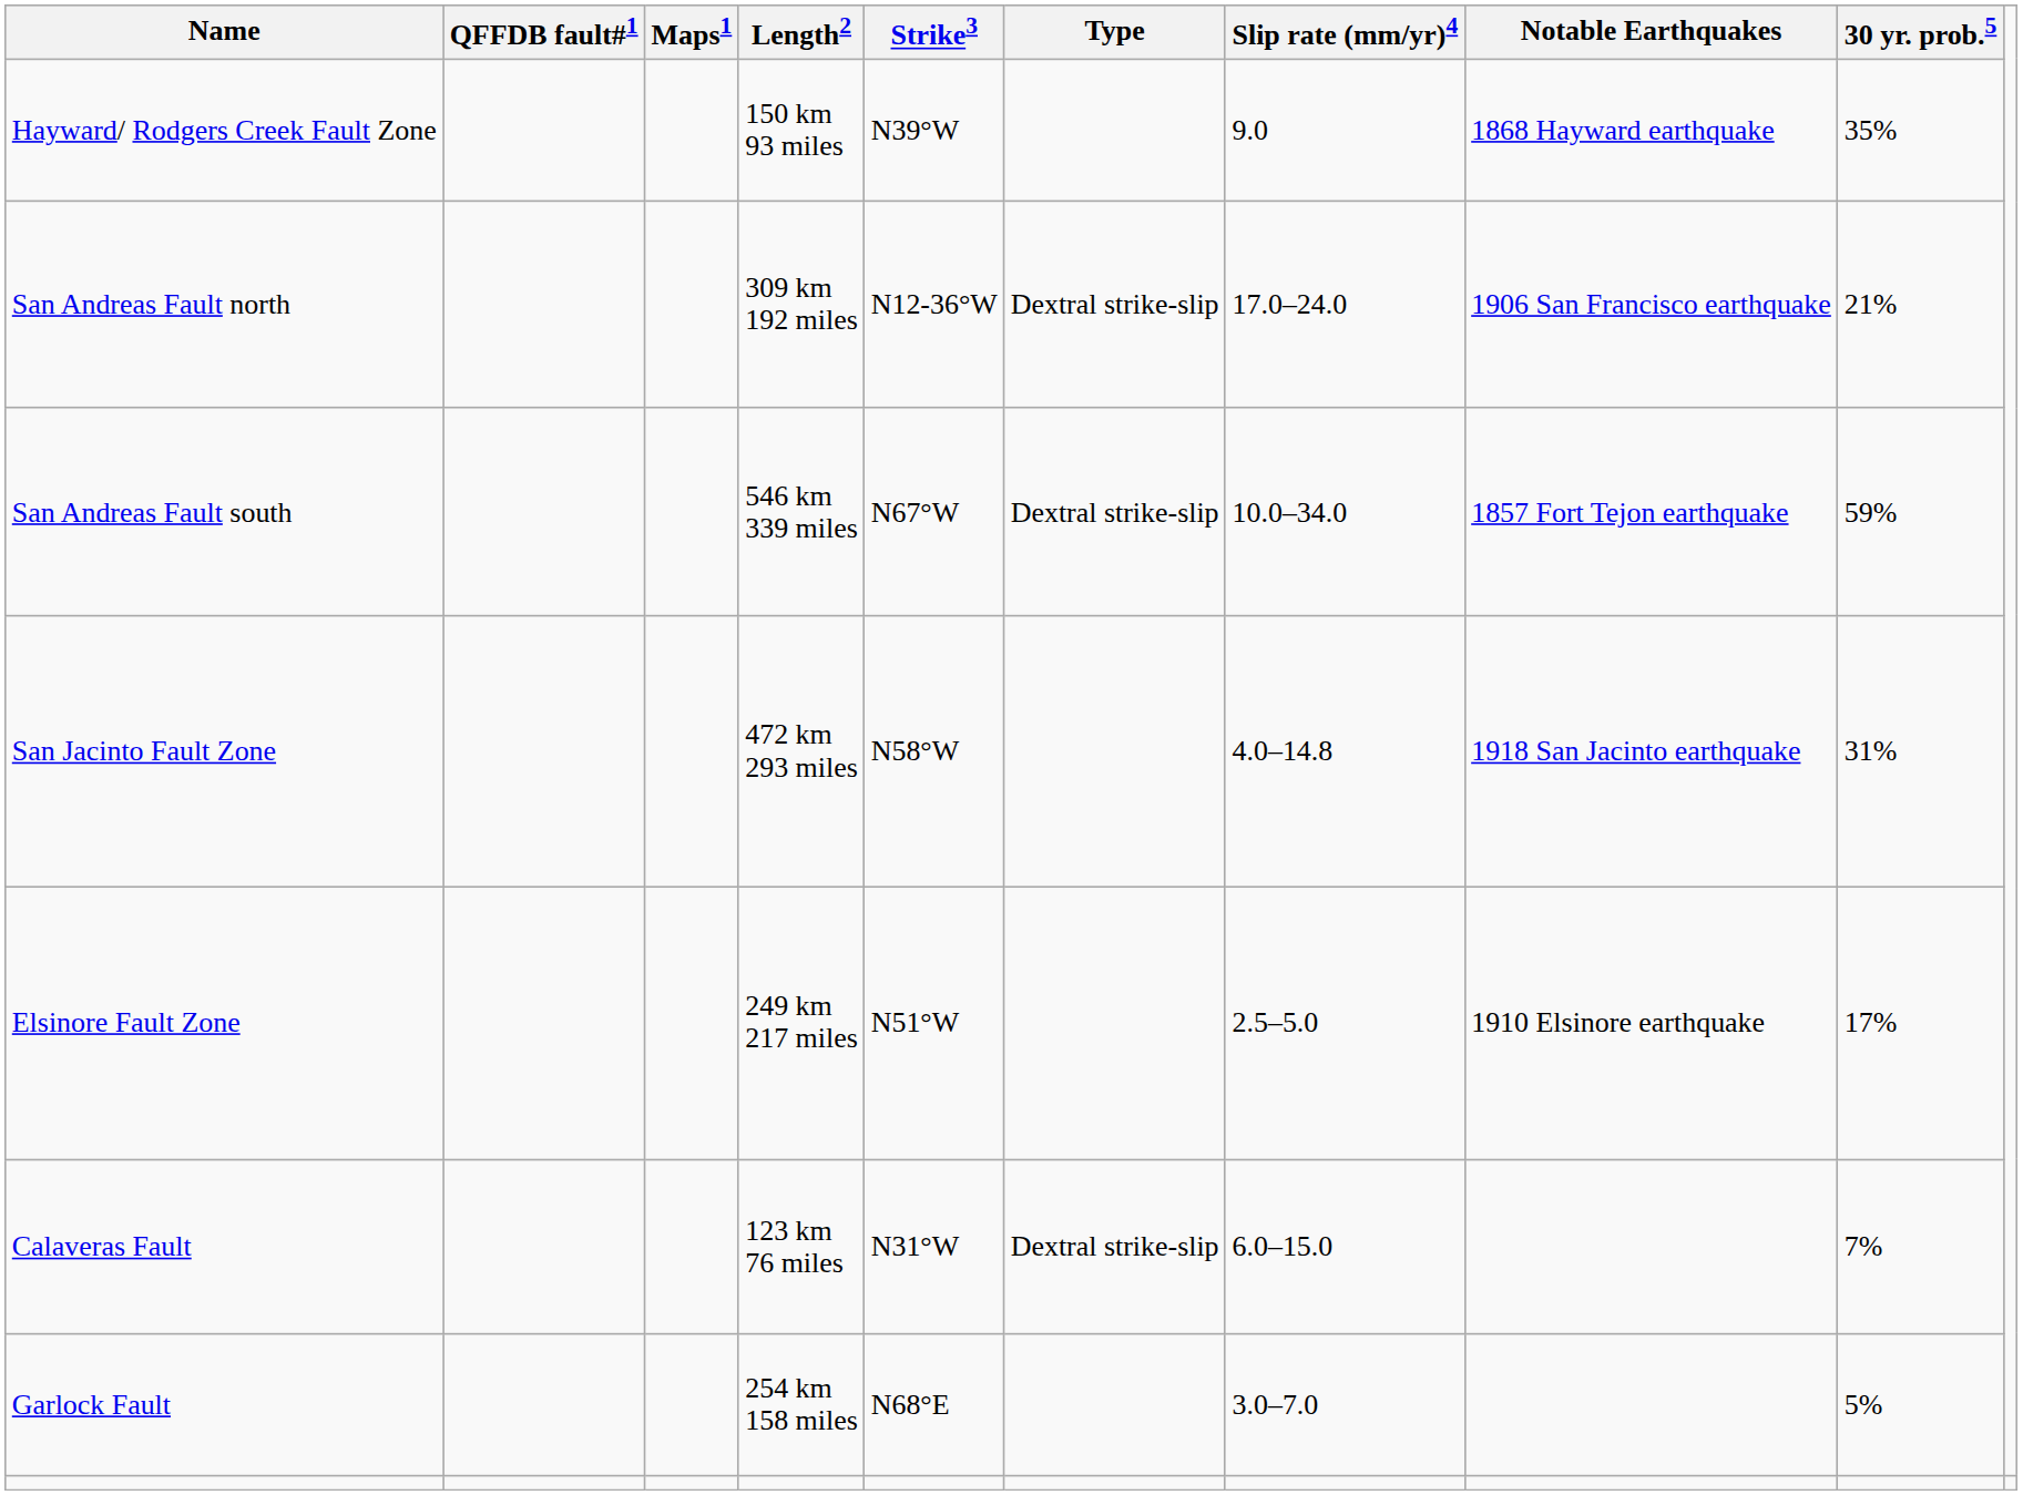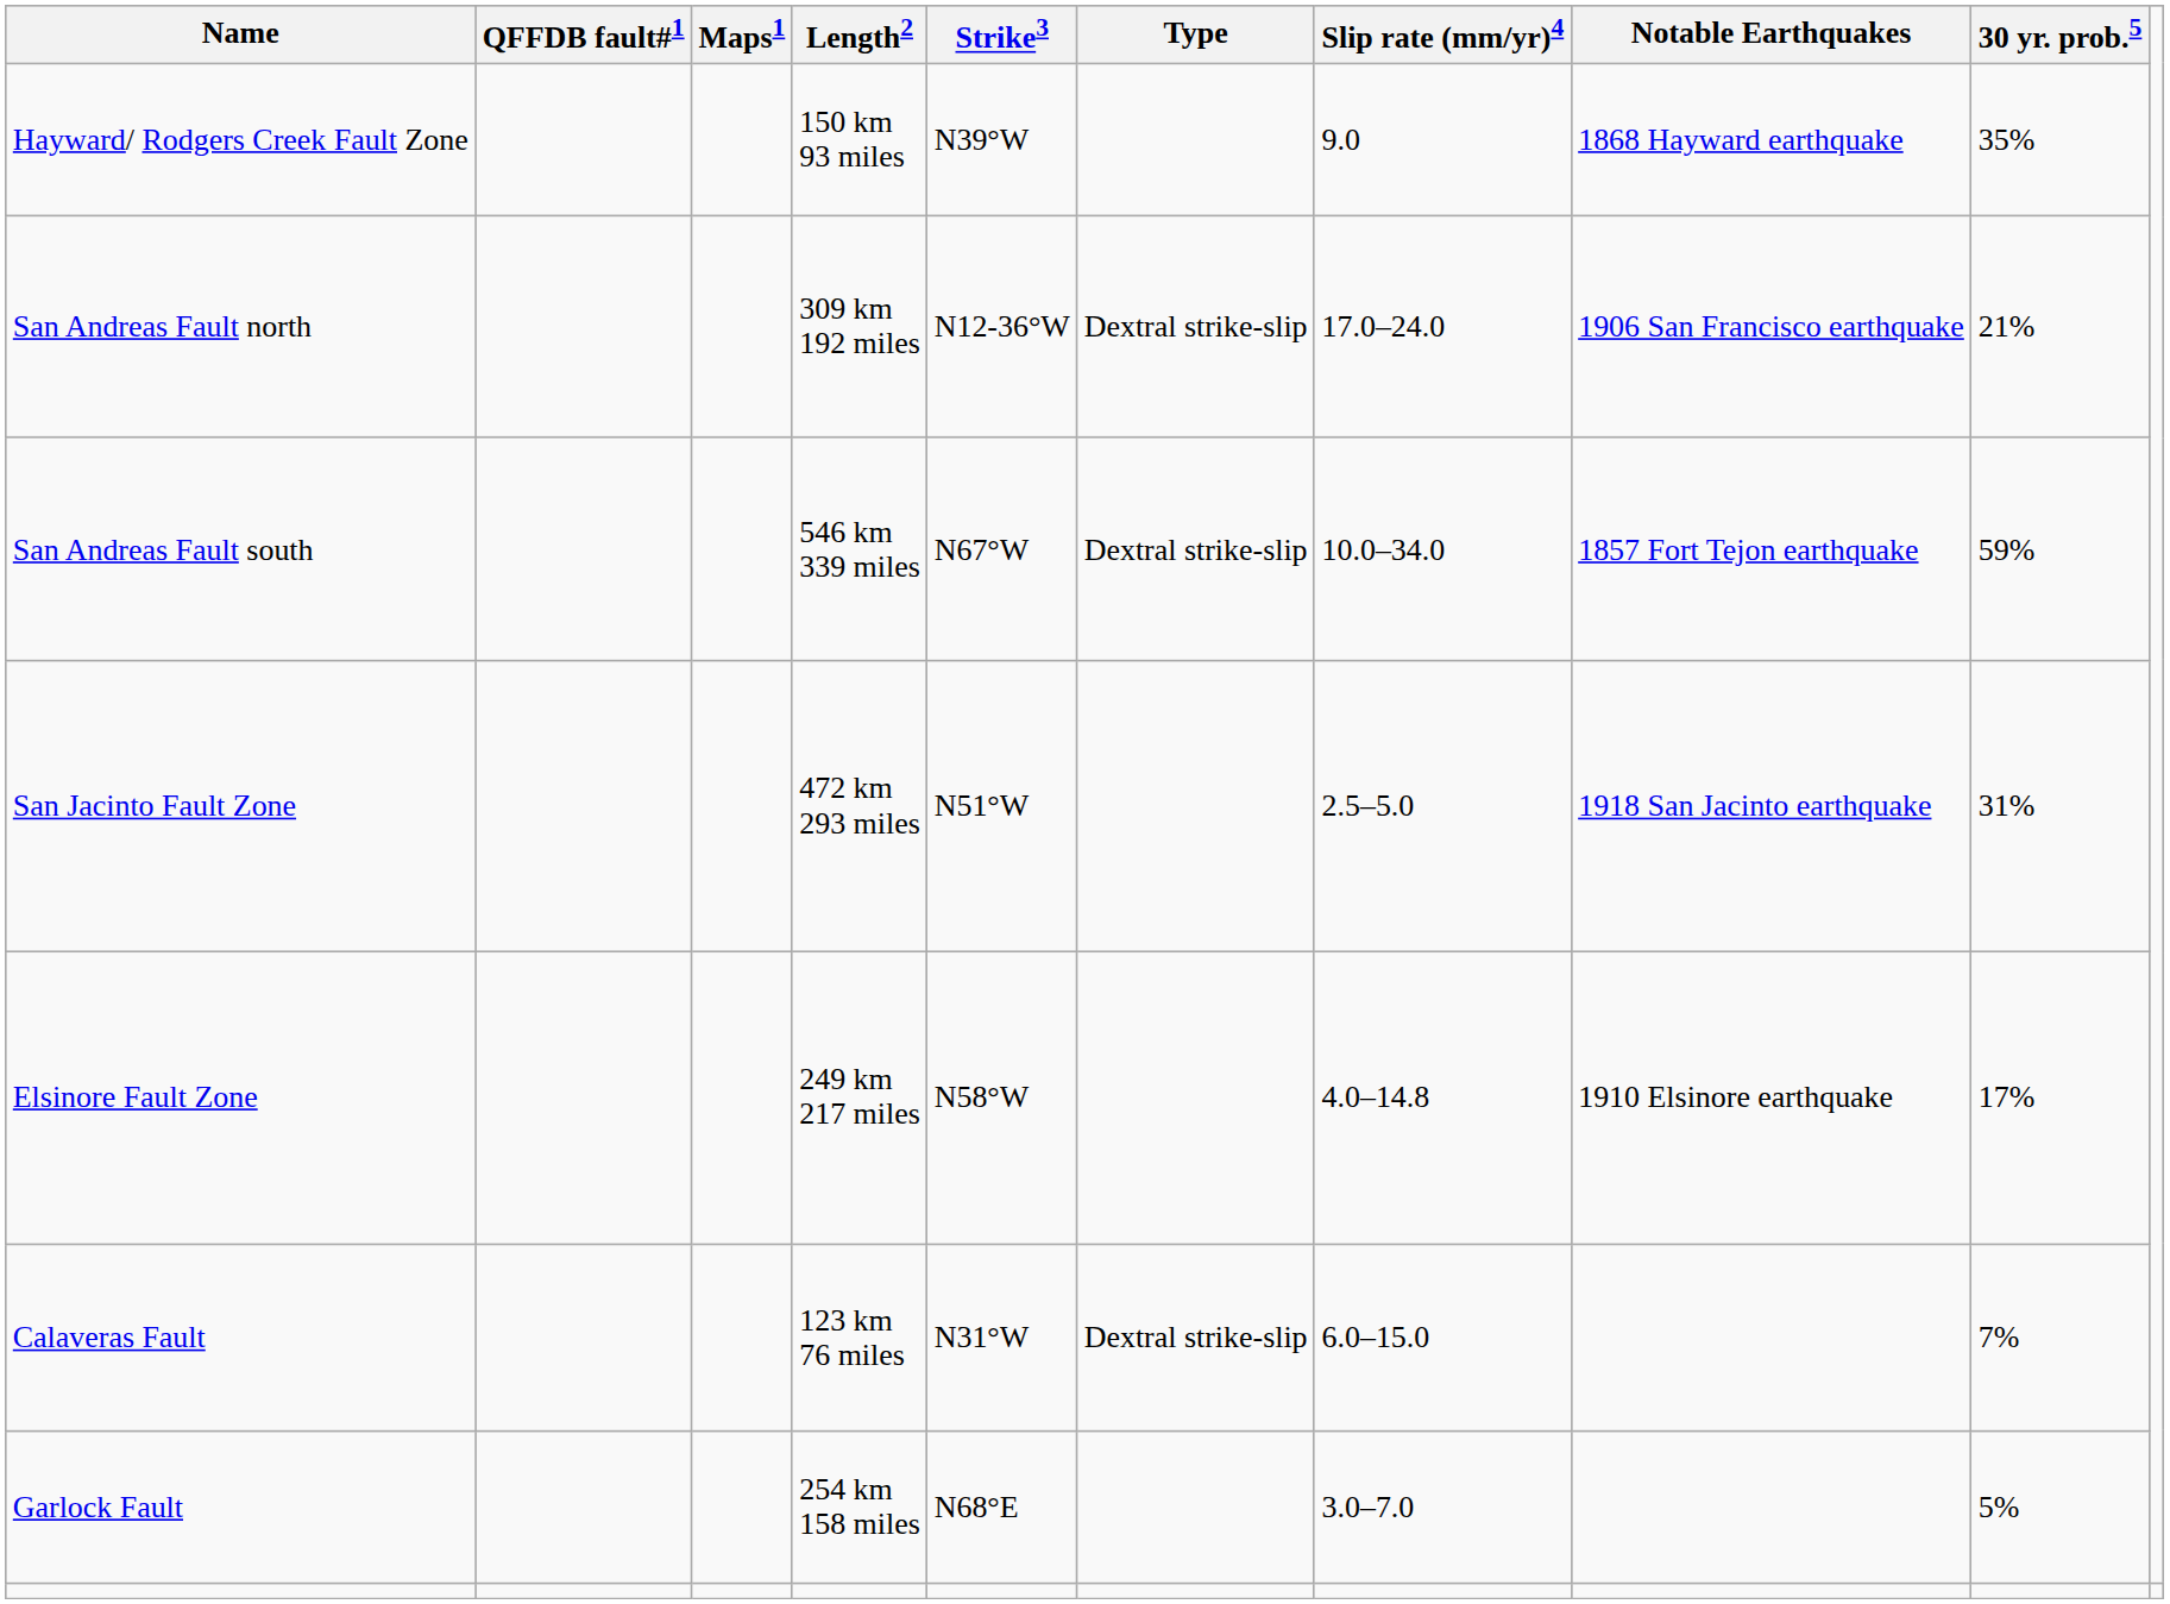 <table class=wikitable>
 <tr>
 <th>Name</th>
 <th>QFFDB fault#<sup><a href='#'>1</a></sup></th>
 <th>Maps<sup><a href='#'>1</a></sup></th>
 <th>Length<sup><a href='#'>2</a></sup></th>
 <th><a href='#'>Strike</a><sup><a href='#'>3</a></sup></th>
 <th>Type</th>
 <th>Slip rate (mm/yr)<sup><a href='#'>4</a></sup></th>
 <th>Notable Earthquakes</th>
 <th>30 yr. prob.<sup><a href='#'>5</a></sup><br></th>
 </tr>
 <tr>
 <td><a href='#'>Hayward</a>/ <a href='#'>Rodgers Creek Fault</a> Zone</td>
 <td><br><br> <br> <br> </td>
 <td><br><br> <br> </td>
 <td>150 km<br>93 miles</td>
 <td>N39°W</td>
 <td></td>
 <td>9.0</td>
 <td><a href='#'>1868 Hayward earthquake</a></td>
 <td>35%</td>
 </tr>
 <tr>
 <td><a href='#'>San Andreas Fault</a> north</td>
 <td><br><br> <br> <br> <br> <br></td>
 <td><br><br> <br> <br> </td>
 <td>309 km<br>192 miles</td>
 <td>N12-36°W</td>
 <td>Dextral strike-slip</td>
 <td>17.0–24.0</td>
 <td><a href='#'>1906 San Francisco earthquake</a></td>
 <td>21%</td>
 </tr>
 <tr>
 <td><a href='#'>San Andreas Fault</a> south</td>
 <td><br><br> <br> <br> <br> <br></td>
 <td><br><br> <br> <br> <br></td>
 <td>546 km<br>339 miles</td>
 <td>N67°W</td>
 <td>Dextral strike-slip</td>
 <td>10.0–34.0</td>
 <td><a href='#'>1857 Fort Tejon earthquake</a></td>
 <td>59%</td>
 </tr>
 <tr>
 <td><a href='#'>San Jacinto Fault Zone</a></td>
 <td><br><br> <br> <br> <br> <br> <br> <br></td>
 <td><br><br> </td>
 <td>472 km<br>293 miles</td>
-<td>N58°W</td>
+<td>N51°W</td>
 <td></td>
-<td>4.0–14.8</td>
+<td>2.5–5.0</td>
 <td><a href='#'>1918 San Jacinto earthquake</a></td>
 <td>31%</td>
 </tr>
 <tr>
 <td><a href='#'>Elsinore Fault Zone</a></td>
 <td><br><br> <br> <br> <br> <br> <br> <br></td>
 <td><br><br> <br> </td>
 <td>249 km<br>217 miles</td>
-<td>N51°W</td>
+<td>N58°W</td>
 <td></td>
-<td>2.5–5.0</td>
+<td>4.0–14.8</td>
 <td>1910 Elsinore earthquake</td>
 <td>17%</td>
 </tr>
 <tr>
 <td><a href='#'>Calaveras Fault</a></td>
 <td><br><br> <br> <br> <br></td>
 <td><br><br> <br> <br></td>
 <td>123 km<br>76 miles</td>
 <td>N31°W</td>
 <td>Dextral strike-slip</td>
 <td>6.0–15.0</td>
 <td> <br>  <br>   <br> </td>
 <td>7%</td>
 </tr>
 <tr>
 <td><a href='#'>Garlock Fault</a></td>
 <td><br><br> <br> <br></td>
 <td><br><br> <br> </td>
 <td>254 km<br>158 miles</td>
 <td>N68°E</td>
 <td></td>
 <td>3.0–7.0</td>
 <td></td>
 <td>5%</td>
 </tr>
 <tr>
 <td></td>
 <td></td>
 <td></td>
 <td></td>
 <td></td>
 <td></td>
 <td></td>
 <td></td>
 <td></td>
 <td></td>
 </tr>
 </table>
